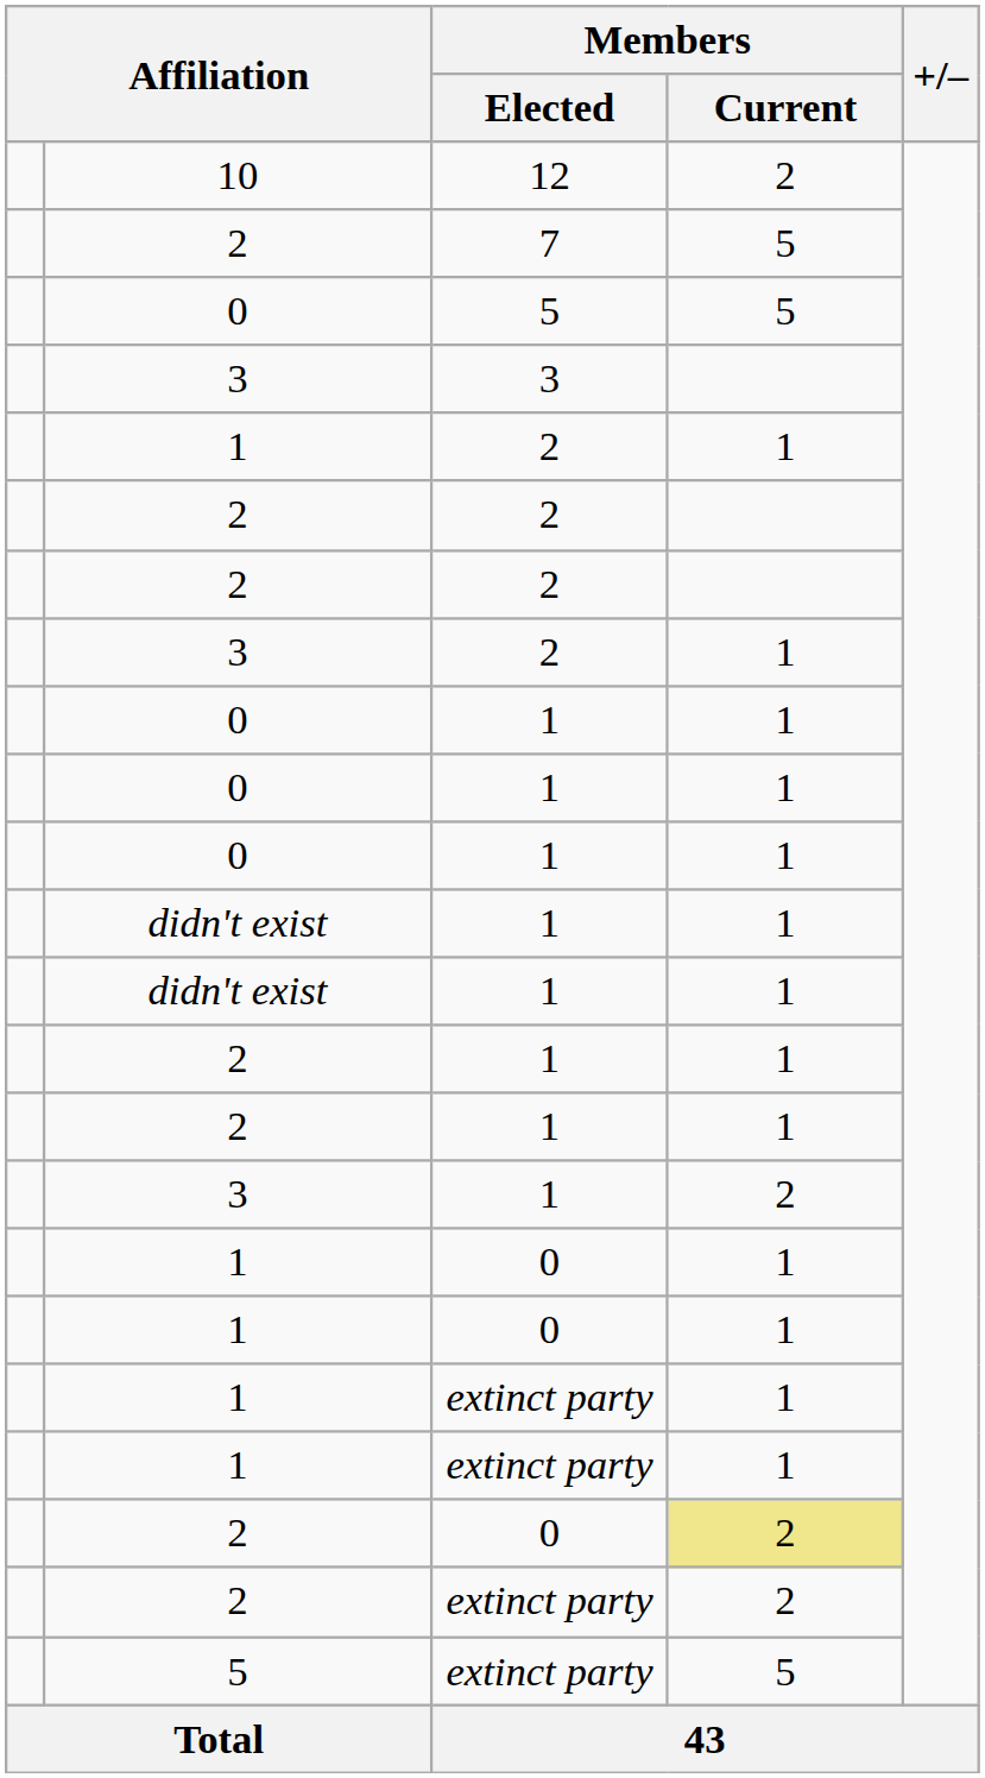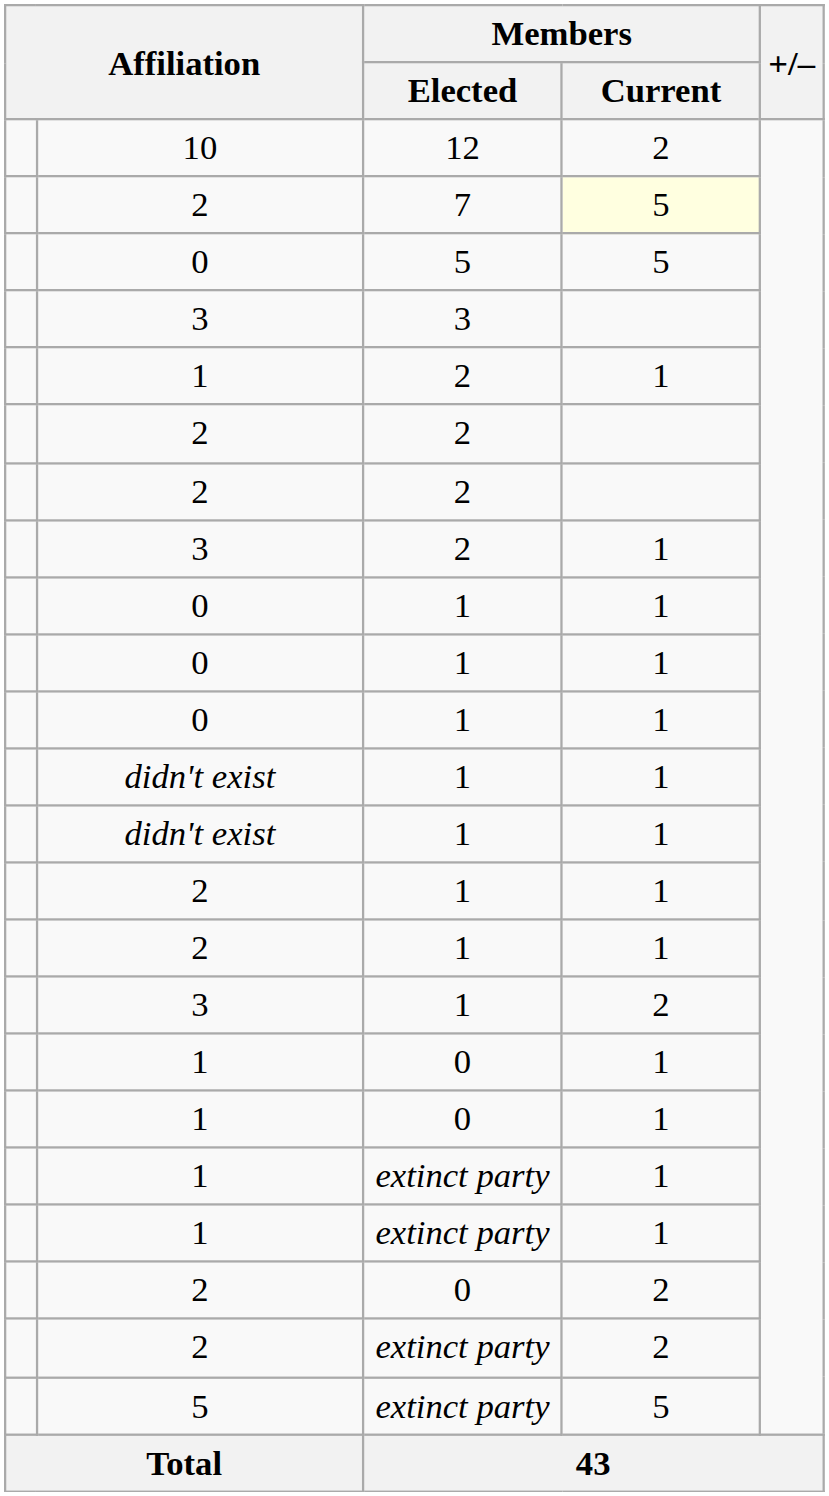 <table class="wikitable" border="1" style="font-size: 95%; text-align: center;">
 <tr>
 <th colspan="2" rowspan="2" class="unsortable" style="text-align: center; vertical-align: middle; width: 150px;">Affiliation</th>
 <th colspan="2" style="vertical-align: top;">Members</th>
 <th rowspan="2">+/–</th>
 </tr>
 <tr>
 <th data-sort-type="number" style="width: 80px;">Elected</th>
 <th style="width: 80px;">Current</th>
 </tr>
 <tr>
 <td></td>
 <td>10</td>
 <td>12</td>
 <td>2</td>
 </tr>
 <tr>
 <td></td>
 <td>2</td>
 <td>7</td>
-<td>5</td>
+<td style="background: lightyellow;">5</td>
 </tr>
 <tr>
 <td></td>
 <td>0</td>
 <td>5</td>
 <td>5</td>
 </tr>
 <tr>
 <td></td>
 <td>3</td>
 <td>3</td>
 <td></td>
 </tr>
 <tr>
 <td></td>
 <td>1</td>
 <td>2</td>
 <td>1</td>
 </tr>
 <tr>
 <td></td>
 <td>2</td>
 <td>2</td>
 <td></td>
 </tr>
 <tr>
 <td></td>
 <td>2</td>
 <td>2</td>
 <td></td>
 </tr>
 <tr>
 <td></td>
 <td>3</td>
 <td>2</td>
 <td>1</td>
 </tr>
 <tr>
 <td></td>
 <td>0</td>
 <td>1</td>
 <td>1</td>
 </tr>
 <tr>
 <td></td>
 <td>0</td>
 <td>1</td>
 <td>1</td>
 </tr>
 <tr>
 <td></td>
 <td>0</td>
 <td>1</td>
 <td>1</td>
 </tr>
 <tr>
 <td></td>
 <td><em>didn't exist</em></td>
 <td>1</td>
 <td>1</td>
 </tr>
 <tr>
 <td></td>
 <td><em>didn't exist</em></td>
 <td>1</td>
 <td>1</td>
 </tr>
 <tr>
 <td></td>
 <td>2</td>
 <td>1</td>
 <td>1</td>
 </tr>
 <tr>
 <td></td>
 <td>2</td>
 <td>1</td>
 <td>1</td>
 </tr>
 <tr>
 <td></td>
 <td>3</td>
 <td>1</td>
 <td>2</td>
 </tr>
 <tr>
 <td></td>
 <td>1</td>
 <td>0</td>
 <td>1</td>
 </tr>
 <tr>
 <td></td>
 <td>1</td>
 <td>0</td>
 <td>1</td>
 </tr>
 <tr>
 <td></td>
 <td>1</td>
 <td><em>extinct party</em></td>
 <td>1</td>
 </tr>
 <tr>
 <td></td>
 <td>1</td>
 <td><em>extinct party</em></td>
 <td>1</td>
 </tr>
 <tr>
 <td></td>
 <td>2</td>
 <td>0</td>
-<td style="background: khaki;">2</td>
+<td>2</td>
 </tr>
 <tr>
 <td></td>
 <td>2</td>
 <td><em>extinct party</em></td>
 <td>2</td>
 </tr>
 <tr>
 <td></td>
 <td>5</td>
 <td><em>extinct party</em></td>
 <td>5</td>
 </tr>
 <tr>
 <th colspan="2">Total</th>
 <th colspan="3">43</th>
 </tr>
 </table>
